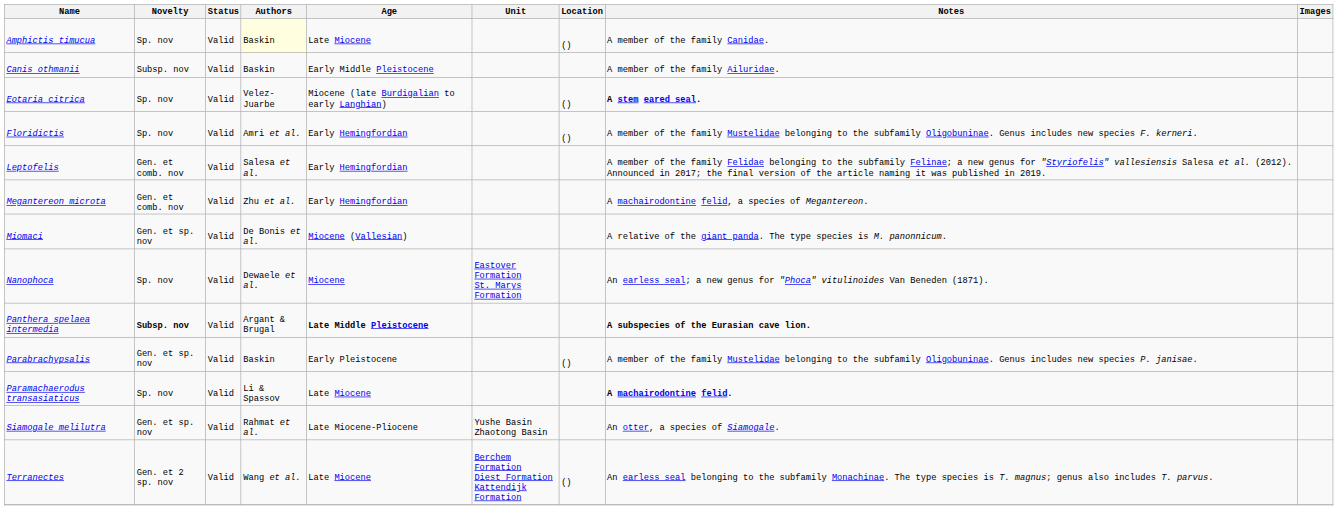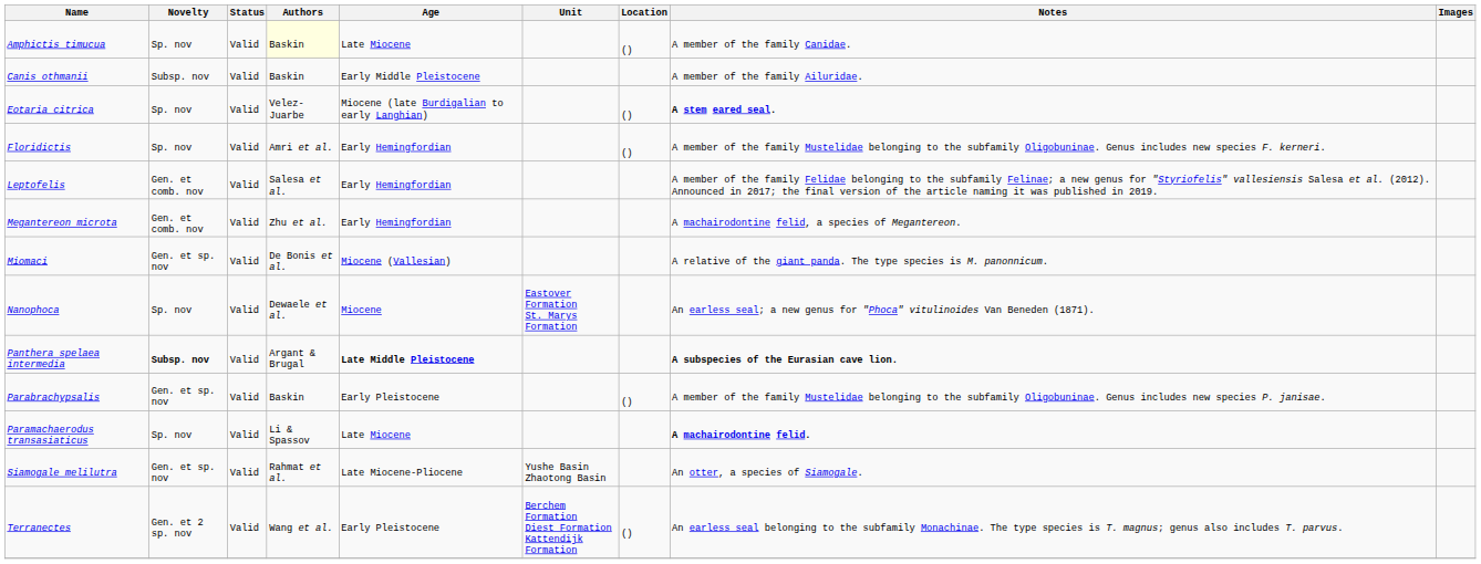 <table class="wikitable sortable" align="center" width="100%">
 <tr>
 <th>Name</th>
 <th>Novelty</th>
 <th>Status</th>
 <th>Authors</th>
 <th>Age</th>
 <th>Unit</th>
 <th>Location</th>
 <th>Notes</th>
 <th>Images</th>
 </tr>
 <tr>
 <td><br><em><a href='#'>Amphictis timucua</a></em></td>
 <td><br>Sp. nov</td>
 <td><br>Valid</td>
 <td style="background: lightyellow;"><br>Baskin</td>
 <td><br>Late <a href='#'>Miocene</a></td>
 <td></td>
 <td><br><br>()</td>
 <td><br>A member of the family <a href='#'>Canidae</a>.</td>
 <td></td>
 </tr>
 <tr>
 <td><br><em><a href='#'>Canis othmanii</a></em></td>
 <td><br>Subsp. nov</td>
 <td><br>Valid</td>
 <td><br>Baskin</td>
 <td><br>Early Middle <a href='#'>Pleistocene</a></td>
 <td></td>
 <td><br></td>
 <td><br>A member of the family <a href='#'>Ailuridae</a>.</td>
 <td></td>
 </tr>
 <tr>
 <td><br><em><a href='#'>Eotaria citrica</a></em></td>
 <td><br>Sp. nov</td>
 <td><br>Valid</td>
 <td><br>Velez-Juarbe</td>
 <td><br>Miocene (late <a href='#'>Burdigalian</a> to early <a href='#'>Langhian</a>)</td>
 <td></td>
 <td><br><br>()</td>
 <td><strong><br>A <a href='#'>stem</a> <a href='#'>eared seal</a>.</strong></td>
 <td></td>
 </tr>
 <tr>
 <td><br><em><a href='#'>Floridictis</a></em></td>
 <td><br>Sp. nov</td>
 <td><br>Valid</td>
 <td><br>Amri <em>et al.</em></td>
 <td><br>Early <a href='#'>Hemingfordian</a></td>
 <td></td>
 <td><br><br>()</td>
 <td><br>A member of the family <a href='#'>Mustelidae</a> belonging to the subfamily <a href='#'>Oligobuninae</a>. Genus includes new species <em>F. kerneri</em>.</td>
 <td></td>
 </tr>
 <tr>
 <td><br><em><a href='#'>Leptofelis</a></em></td>
 <td><br>Gen. et comb. nov</td>
 <td><br>Valid</td>
 <td><br>Salesa <em>et al.</em></td>
 <td><br>Early <a href='#'>Hemingfordian</a></td>
 <td></td>
 <td><br></td>
 <td><br>A member of the family <a href='#'>Felidae</a> belonging to the subfamily <a href='#'>Felinae</a>; a new genus for <em>"<a href='#'>Styriofelis</a>" vallesiensis</em> Salesa <em>et al.</em> (2012). Announced in 2017; the final version of the article naming it was published in 2019.</td>
 <td></td>
 </tr>
 <tr>
 <td><br><em><a href='#'>Megantereon microta</a></em></td>
 <td><br>Gen. et comb. nov</td>
 <td><br>Valid</td>
 <td><br>Zhu <em>et al.</em></td>
 <td><br>Early <a href='#'>Hemingfordian</a></td>
 <td></td>
 <td><br></td>
 <td><br>A <a href='#'>machairodontine</a> <a href='#'>felid</a>, a species of <em>Megantereon</em>.</td>
 <td></td>
 </tr>
 <tr>
 <td><br><em><a href='#'>Miomaci</a></em></td>
 <td><br>Gen. et sp. nov</td>
 <td><br>Valid</td>
 <td><br>De Bonis <em>et al.</em></td>
 <td><br><a href='#'>Miocene</a> (<a href='#'>Vallesian</a>)</td>
 <td></td>
 <td><br></td>
 <td><br>A relative of the <a href='#'>giant panda</a>. The type species is <em>M. panonnicum</em>.</td>
 <td></td>
 </tr>
 <tr>
 <td><br><em><a href='#'>Nanophoca</a></em></td>
 <td><br>Sp. nov</td>
 <td><br>Valid</td>
 <td><br>Dewaele <em>et al.</em></td>
 <td><br><a href='#'>Miocene</a></td>
 <td><br><a href='#'>Eastover Formation</a><br> <a href='#'>St. Marys Formation</a></td>
 <td><br></td>
 <td><br>An <a href='#'>earless seal</a>; a new genus for <em>"<a href='#'>Phoca</a>" vitulinoides</em> Van Beneden (1871).</td>
 <td></td>
 </tr>
 <tr>
 <td><br><em><a href='#'>Panthera spelaea intermedia</a></em></td>
 <td><strong><br>Subsp. nov</strong></td>
 <td><br>Valid</td>
 <td><br>Argant & Brugal</td>
 <td><strong><br>Late Middle <a href='#'>Pleistocene</a></strong></td>
 <td></td>
 <td><br></td>
 <td><strong><br>A subspecies of the Eurasian cave lion.</strong></td>
 <td></td>
 </tr>
 <tr>
 <td><br><em><a href='#'>Parabrachypsalis</a></em></td>
 <td><br>Gen. et sp. nov</td>
 <td><br>Valid</td>
 <td><br>Baskin</td>
 <td><br>Early Pleistocene</td>
 <td></td>
 <td><br><br>()</td>
 <td><br>A member of the family <a href='#'>Mustelidae</a> belonging to the subfamily <a href='#'>Oligobuninae</a>. Genus includes new species <em>P. janisae</em>.</td>
 <td></td>
 </tr>
 <tr>
 <td><br><em><a href='#'>Paramachaerodus transasiaticus</a></em></td>
 <td><br>Sp. nov</td>
 <td><br>Valid</td>
 <td><br>Li & Spassov</td>
 <td><br>Late <a href='#'>Miocene</a></td>
 <td></td>
 <td><br><br> </td>
 <td><strong><br>A <a href='#'>machairodontine</a> <a href='#'>felid</a>.</strong></td>
 <td></td>
 </tr>
 <tr>
 <td><br><em><a href='#'>Siamogale melilutra</a></em></td>
 <td><br>Gen. et sp. nov</td>
 <td><br>Valid</td>
 <td><br>Rahmat <em>et al.</em></td>
 <td><br>Late Miocene-Pliocene</td>
 <td><br>Yushe Basin<br> Zhaotong Basin</td>
 <td><br></td>
 <td><br>An <a href='#'>otter</a>, a species of <em><a href='#'>Siamogale</a></em>.</td>
 <td></td>
 </tr>
 <tr>
 <td><br><em><a href='#'>Terranectes</a></em></td>
 <td><br>Gen. et 2 sp. nov</td>
 <td><br>Valid</td>
 <td><br>Wang <em>et al.</em></td>
-<td><br>Late <a href='#'>Miocene</a></td>
+<td><br>Early Pleistocene</td>
 <td><br><a href='#'>Berchem Formation</a><br> <a href='#'>Diest Formation</a><br> <a href='#'>Kattendijk Formation</a></td>
 <td><br><br>()</td>
 <td><br>An <a href='#'>earless seal</a> belonging to the subfamily <a href='#'>Monachinae</a>. The type species is <em>T. magnus</em>; genus also includes <em>T. parvus</em>.</td>
 <td></td>
 </tr>
 <tr>
 </tr>
 </table>
